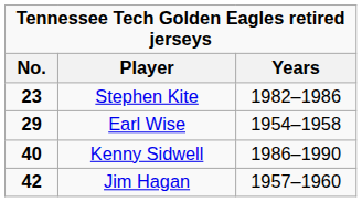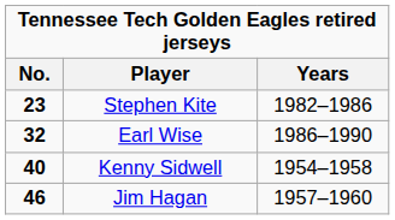 <table class="wikitable sortable" style="text-align:center">
 <tr>
 <td colspan="5"><strong>Tennessee Tech Golden Eagles retired jerseys</strong></td>
 </tr>
 <tr>
 <th width=40px>No.</th>
 <th width=150px>Player</th>
 <th width=100px>Years</th>
 </tr>
 <tr>
 <td><strong>23</strong></td>
 <td><a href='#'>Stephen Kite</a></td>
 <td>1982–1986</td>
 </tr>
 <tr>
-<td><strong>29</strong></td>
+<td><strong>32</strong></td>
 <td><a href='#'>Earl Wise</a></td>
-<td>1954–1958</td>
+<td>1986–1990</td>
 </tr>
 <tr>
 <td><strong>40</strong></td>
 <td><a href='#'>Kenny Sidwell</a></td>
-<td>1986–1990</td>
+<td>1954–1958</td>
 </tr>
 <tr>
-<td><strong>42</strong></td>
+<td><strong>46</strong></td>
 <td><a href='#'>Jim Hagan</a></td>
 <td>1957–1960</td>
 </tr>
 </table>
